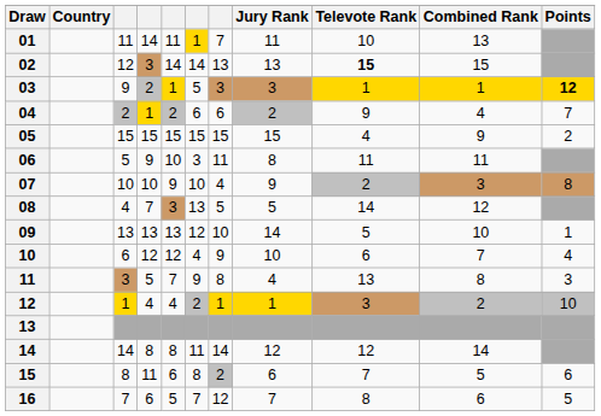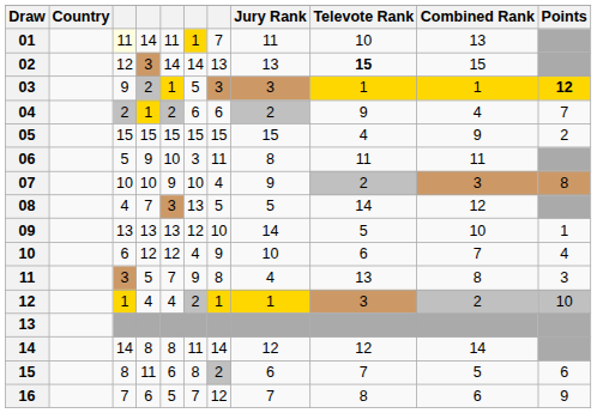 <table class="sortable wikitable collapsible plainrowheaders" style="text-align:center;">
 <tr>
 </tr>
 <tr>
 <th scope="col">Draw</th>
 <th scope="col">Country</th>
 <th scope="col"><small></small></th>
 <th scope="col"><small></small></th>
 <th scope="col"><small></small></th>
 <th scope="col"><small></small></th>
 <th scope="col"><small></small></th>
 <th scope="col">Jury Rank</th>
 <th scope="col">Televote Rank</th>
 <th scope="col">Combined Rank</th>
 <th scope="col">Points</th>
 </tr>
 <tr>
 <th scope="row" style="text-align:center;">01</th>
 <td style="text-align:left;"></td>
-<td>11</td>
+<td style="background: lightyellow;">11</td>
 <td>14</td>
 <td>11</td>
 <td style="background:gold;">1</td>
 <td>7</td>
 <td>11</td>
 <td>10</td>
 <td>13</td>
 <td style="background:#AAAAAA;"></td>
 </tr>
 <tr>
 <th scope="row" style="text-align:center;">02</th>
 <td style="text-align:left;"></td>
 <td>12</td>
 <td style="background:#CC9966;">3</td>
 <td>14</td>
 <td>14</td>
 <td>13</td>
 <td>13</td>
 <td><strong>15</strong></td>
 <td>15</td>
 <td style="background:#AAAAAA;"></td>
 </tr>
 <tr>
 <th scope="row" style="text-align:center;">03</th>
 <td style="text-align:left;"></td>
 <td>9</td>
 <td style="background:silver;">2</td>
 <td style="background:gold;">1</td>
 <td>5</td>
 <td style="background:#CC9966;">3</td>
 <td style="background:#CC9966;">3</td>
 <td style="background:gold;">1</td>
 <td style="background:gold;">1</td>
 <td style="background:gold;"><strong>12</strong></td>
 </tr>
 <tr>
 <th scope="row" style="text-align:center;">04</th>
 <td style="text-align:left;"></td>
 <td style="background:silver;">2</td>
 <td style="background:gold;">1</td>
 <td style="background:silver;">2</td>
 <td>6</td>
 <td>6</td>
 <td style="background:silver;">2</td>
 <td>9</td>
 <td>4</td>
 <td>7</td>
 </tr>
 <tr>
 <th scope="row" style="text-align:center;">05</th>
 <td style="text-align:left;"></td>
 <td>15</td>
 <td>15</td>
 <td>15</td>
 <td>15</td>
 <td>15</td>
 <td>15</td>
 <td>4</td>
 <td>9</td>
 <td>2</td>
 </tr>
 <tr>
 <th scope="row" style="text-align:center;">06</th>
 <td style="text-align:left;"></td>
 <td>5</td>
 <td>9</td>
 <td>10</td>
 <td>3</td>
 <td>11</td>
 <td>8</td>
 <td>11</td>
 <td>11</td>
 <td style="background:#AAAAAA;"></td>
 </tr>
 <tr>
 <th scope="row" style="text-align:center;">07</th>
 <td style="text-align:left;"></td>
 <td>10</td>
 <td>10</td>
 <td>9</td>
 <td>10</td>
 <td>4</td>
 <td>9</td>
 <td style="background:silver;">2</td>
 <td style="background:#CC9966;">3</td>
 <td style="background:#CC9966;">8</td>
 </tr>
 <tr>
 <th scope="row" style="text-align:center;">08</th>
 <td style="text-align:left;"></td>
 <td>4</td>
 <td>7</td>
 <td style="background:#CC9966;">3</td>
 <td>13</td>
 <td>5</td>
 <td>5</td>
 <td>14</td>
 <td>12</td>
 <td style="background:#AAAAAA;"></td>
 </tr>
 <tr>
 <th scope="row" style="text-align:center;">09</th>
 <td style="text-align:left;"></td>
 <td>13</td>
 <td>13</td>
 <td>13</td>
 <td>12</td>
 <td>10</td>
 <td>14</td>
 <td>5</td>
 <td>10</td>
 <td>1</td>
 </tr>
 <tr>
 <th scope="row" style="text-align:center;">10</th>
 <td style="text-align:left;"></td>
 <td>6</td>
 <td>12</td>
 <td>12</td>
 <td>4</td>
 <td>9</td>
 <td>10</td>
 <td>6</td>
 <td>7</td>
 <td>4</td>
 </tr>
 <tr>
 <th scope="row" style="text-align:center;">11</th>
 <td style="text-align:left;"></td>
 <td style="background:#CC9966;">3</td>
 <td>5</td>
 <td>7</td>
 <td>9</td>
 <td>8</td>
 <td>4</td>
 <td>13</td>
 <td>8</td>
 <td>3</td>
 </tr>
 <tr>
 <th scope="row" style="text-align:center;">12</th>
 <td style="text-align:left;"></td>
 <td style="background:gold;">1</td>
 <td>4</td>
 <td>4</td>
 <td style="background:silver;">2</td>
 <td style="background:gold;">1</td>
 <td style="background:gold;">1</td>
 <td style="background:#CC9966;">3</td>
 <td style="background:silver;">2</td>
 <td style="background:silver;">10</td>
 </tr>
 <tr class="sortbottom">
 <th scope="row" style="text-align:center;">13</th>
 <td style="text-align:left;"></td>
 <td style="background:#AAAAAA;"></td>
 <td style="background:#AAAAAA;"></td>
 <td style="background:#AAAAAA;"></td>
 <td style="background:#AAAAAA;"></td>
 <td style="background:#AAAAAA;"></td>
 <td style="background:#AAAAAA;"></td>
 <td style="background:#AAAAAA;"></td>
 <td style="background:#AAAAAA;"></td>
 <td style="background:#AAAAAA;"></td>
 </tr>
 <tr>
 <th scope="row" style="text-align:center;">14</th>
 <td style="text-align:left;"></td>
 <td>14</td>
 <td>8</td>
 <td>8</td>
 <td>11</td>
 <td>14</td>
 <td>12</td>
 <td>12</td>
 <td>14</td>
 <td style="background:#AAAAAA;"></td>
 </tr>
 <tr>
 <th scope="row" style="text-align:center;">15</th>
 <td style="text-align:left;"></td>
 <td>8</td>
 <td>11</td>
 <td>6</td>
 <td>8</td>
 <td style="background:silver;">2</td>
 <td>6</td>
 <td>7</td>
 <td>5</td>
 <td>6</td>
 </tr>
 <tr>
 <th scope="row" style="text-align:center;">16</th>
 <td style="text-align:left;"></td>
 <td>7</td>
 <td>6</td>
 <td>5</td>
 <td>7</td>
 <td>12</td>
 <td>7</td>
 <td>8</td>
 <td>6</td>
-<td>5</td>
+<td>9</td>
 </tr>
 </table>
